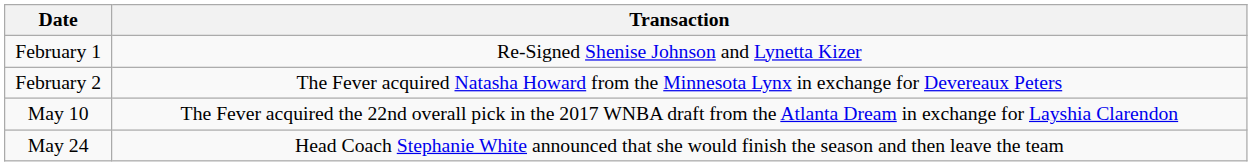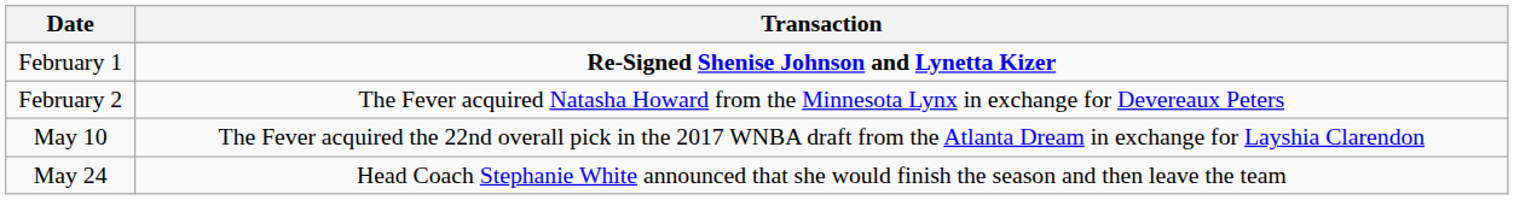 <table class="wikitable" style="width:80%; text-align:center;">
 <tr>
 <th>Date</th>
 <th>Transaction</th>
 </tr>
 <tr>
 <td>February 1</td>
-<td>Re-Signed <a href='#'>Shenise Johnson</a> and <a href='#'>Lynetta Kizer</a></td>
+<td><strong>Re-Signed <a href='#'>Shenise Johnson</a> and <a href='#'>Lynetta Kizer</a></strong></td>
 </tr>
 <tr>
 <td>February 2</td>
 <td>The Fever acquired <a href='#'>Natasha Howard</a> from the <a href='#'>Minnesota Lynx</a> in exchange for <a href='#'>Devereaux Peters</a></td>
 </tr>
 <tr>
 <td>May 10</td>
 <td>The Fever acquired the 22nd overall pick in the 2017 WNBA draft from the <a href='#'>Atlanta Dream</a> in exchange for <a href='#'>Layshia Clarendon</a></td>
 </tr>
 <tr>
 <td>May 24</td>
 <td>Head Coach <a href='#'>Stephanie White</a> announced that she would finish the season and then leave the team</td>
 </tr>
 </table>
